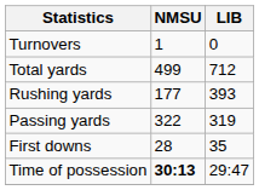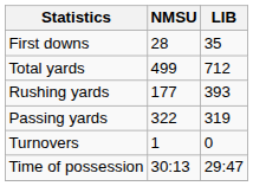 <table class="wikitable" style="float: left;">
 <tr>
 <th>Statistics</th>
 <th>NMSU</th>
 <th>LIB</th>
 </tr>
 <tr>
-<td>Turnovers</td>
-<td>1</td>
-<td>0</td>
+<td>First downs</td>
+<td>28</td>
+<td>35</td>
 </tr>
 <tr>
 <td>Total yards</td>
 <td>499</td>
 <td>712</td>
 </tr>
 <tr>
 <td>Rushing yards</td>
 <td>177</td>
 <td>393</td>
 </tr>
 <tr>
 <td>Passing yards</td>
 <td>322</td>
 <td>319</td>
 </tr>
 <tr>
-<td>First downs</td>
-<td>28</td>
-<td>35</td>
+<td>Turnovers</td>
+<td>1</td>
+<td>0</td>
 </tr>
 <tr>
 <td>Time of possession</td>
-<td><strong>30:13</strong></td>
+<td>30:13</td>
 <td>29:47</td>
 </tr>
 <tr>
 </tr>
 </table>
